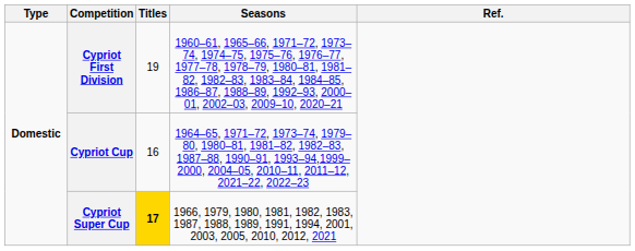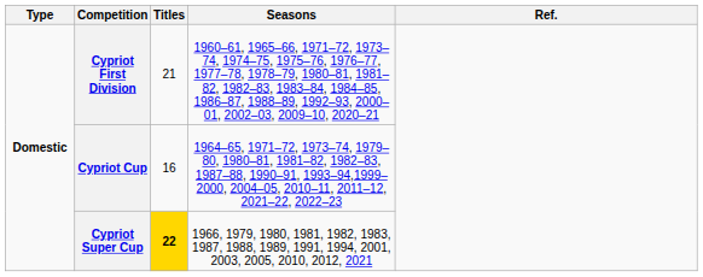 <table class="wikitable plainrowheaders" style="font-size:95%; text-align:center;">
 <tr>
 <th style="width: 10%;">Type</th>
 <th style="width: 10%;">Competition</th>
 <th style="width: 5%;">Titles</th>
 <th style="width: 30%;">Seasons</th>
 <th>Ref.</th>
 </tr>
 <tr>
 <td rowspan="3"><strong>Domestic</strong></td>
 <th scope=col><a href='#'>Cypriot First Division</a></th>
-<td>19</td>
+<td>21</td>
 <td><br><a href='#'>1960–61</a>,  <a href='#'>1965–66</a>,  <a href='#'>1971–72</a>,  <a href='#'>1973–74</a>,  <a href='#'>1974–75</a>,  <a href='#'>1975–76</a>,  <a href='#'>1976–77</a>,  <a href='#'>1977–78</a>,  <a href='#'>1978–79</a>,  <a href='#'>1980–81</a>,  <a href='#'>1981–82</a>,  <a href='#'>1982–83</a>,  <a href='#'>1983–84</a>,  <a href='#'>1984–85</a>,  <a href='#'>1986–87</a>,  <a href='#'>1988–89</a>,  <a href='#'>1992–93</a>,  <a href='#'>2000–01</a>,  <a href='#'>2002–03</a>,  <a href='#'>2009–10</a>,  <a href='#'>2020–21</a></td>
 <td rowspan="3"></td>
 </tr>
 <tr>
 <th scope=col><a href='#'>Cypriot Cup</a></th>
 <td>16</td>
 <td><br><a href='#'>1964–65</a>, <a href='#'>1971–72</a>, <a href='#'>1973–74</a>, <a href='#'>1979–80</a>, <a href='#'>1980–81</a>, <a href='#'>1981–82</a>, <a href='#'>1982–83</a>, <a href='#'>1987–88</a>, <a href='#'>1990–91</a>, <a href='#'>1993–94</a>,<a href='#'>1999–2000</a>, <a href='#'>2004–05</a>, <a href='#'>2010–11</a>, <a href='#'>2011–12</a>, <a href='#'>2021–22</a>, <a href='#'>2022–23</a></td>
 </tr>
 <tr>
 <th scope=col><a href='#'>Cypriot Super Cup</a></th>
-<td scope="col" style="background-color: gold"><strong>17</strong></td>
+<td scope="col" style="background-color: gold"><strong>22</strong></td>
 <td><br>1966,  1979,  1980,  1981,  1982,  1983,  1987,  1988,  1989,  1991,  1994,  2001,  2003,  2005,  2010,  2012,  <a href='#'>2021</a></td>
 </tr>
 </table>
